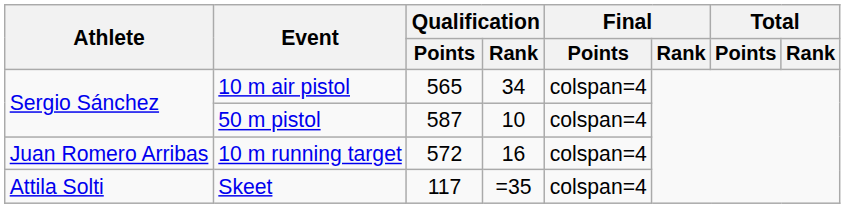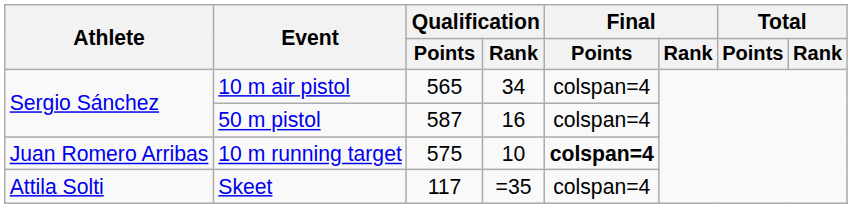 <table class=wikitable style=font-size:90%;text-align:center>
 <tr>
 <th rowspan=2>Athlete</th>
 <th rowspan=2>Event</th>
 <th colspan=2>Qualification</th>
 <th colspan=2>Final</th>
 <th colspan=2>Total</th>
 </tr>
 <tr style=font-size:95%>
 <th>Points</th>
 <th>Rank</th>
 <th>Points</th>
 <th>Rank</th>
 <th>Points</th>
 <th>Rank</th>
 </tr>
 <tr>
 <td align=left rowspan=2><a href='#'>Sergio Sánchez</a></td>
 <td align=left><a href='#'>10 m air pistol</a></td>
 <td>565</td>
 <td>34</td>
 <td>colspan=4 </td>
 </tr>
 <tr>
 <td align=left><a href='#'>50 m pistol</a></td>
 <td>587</td>
-<td>10</td>
+<td>16</td>
 <td>colspan=4 </td>
 </tr>
 <tr>
 <td align=left><a href='#'>Juan Romero Arribas</a></td>
 <td align=left><a href='#'>10 m running target</a></td>
-<td>572</td>
-<td>16</td>
-<td>colspan=4 </td>
+<td>575</td>
+<td>10</td>
+<td><strong>colspan=4 </strong></td>
 </tr>
 <tr>
 <td align=left><a href='#'>Attila Solti</a></td>
 <td align=left><a href='#'>Skeet</a></td>
 <td>117</td>
 <td>=35</td>
 <td>colspan=4 </td>
 </tr>
 </table>
